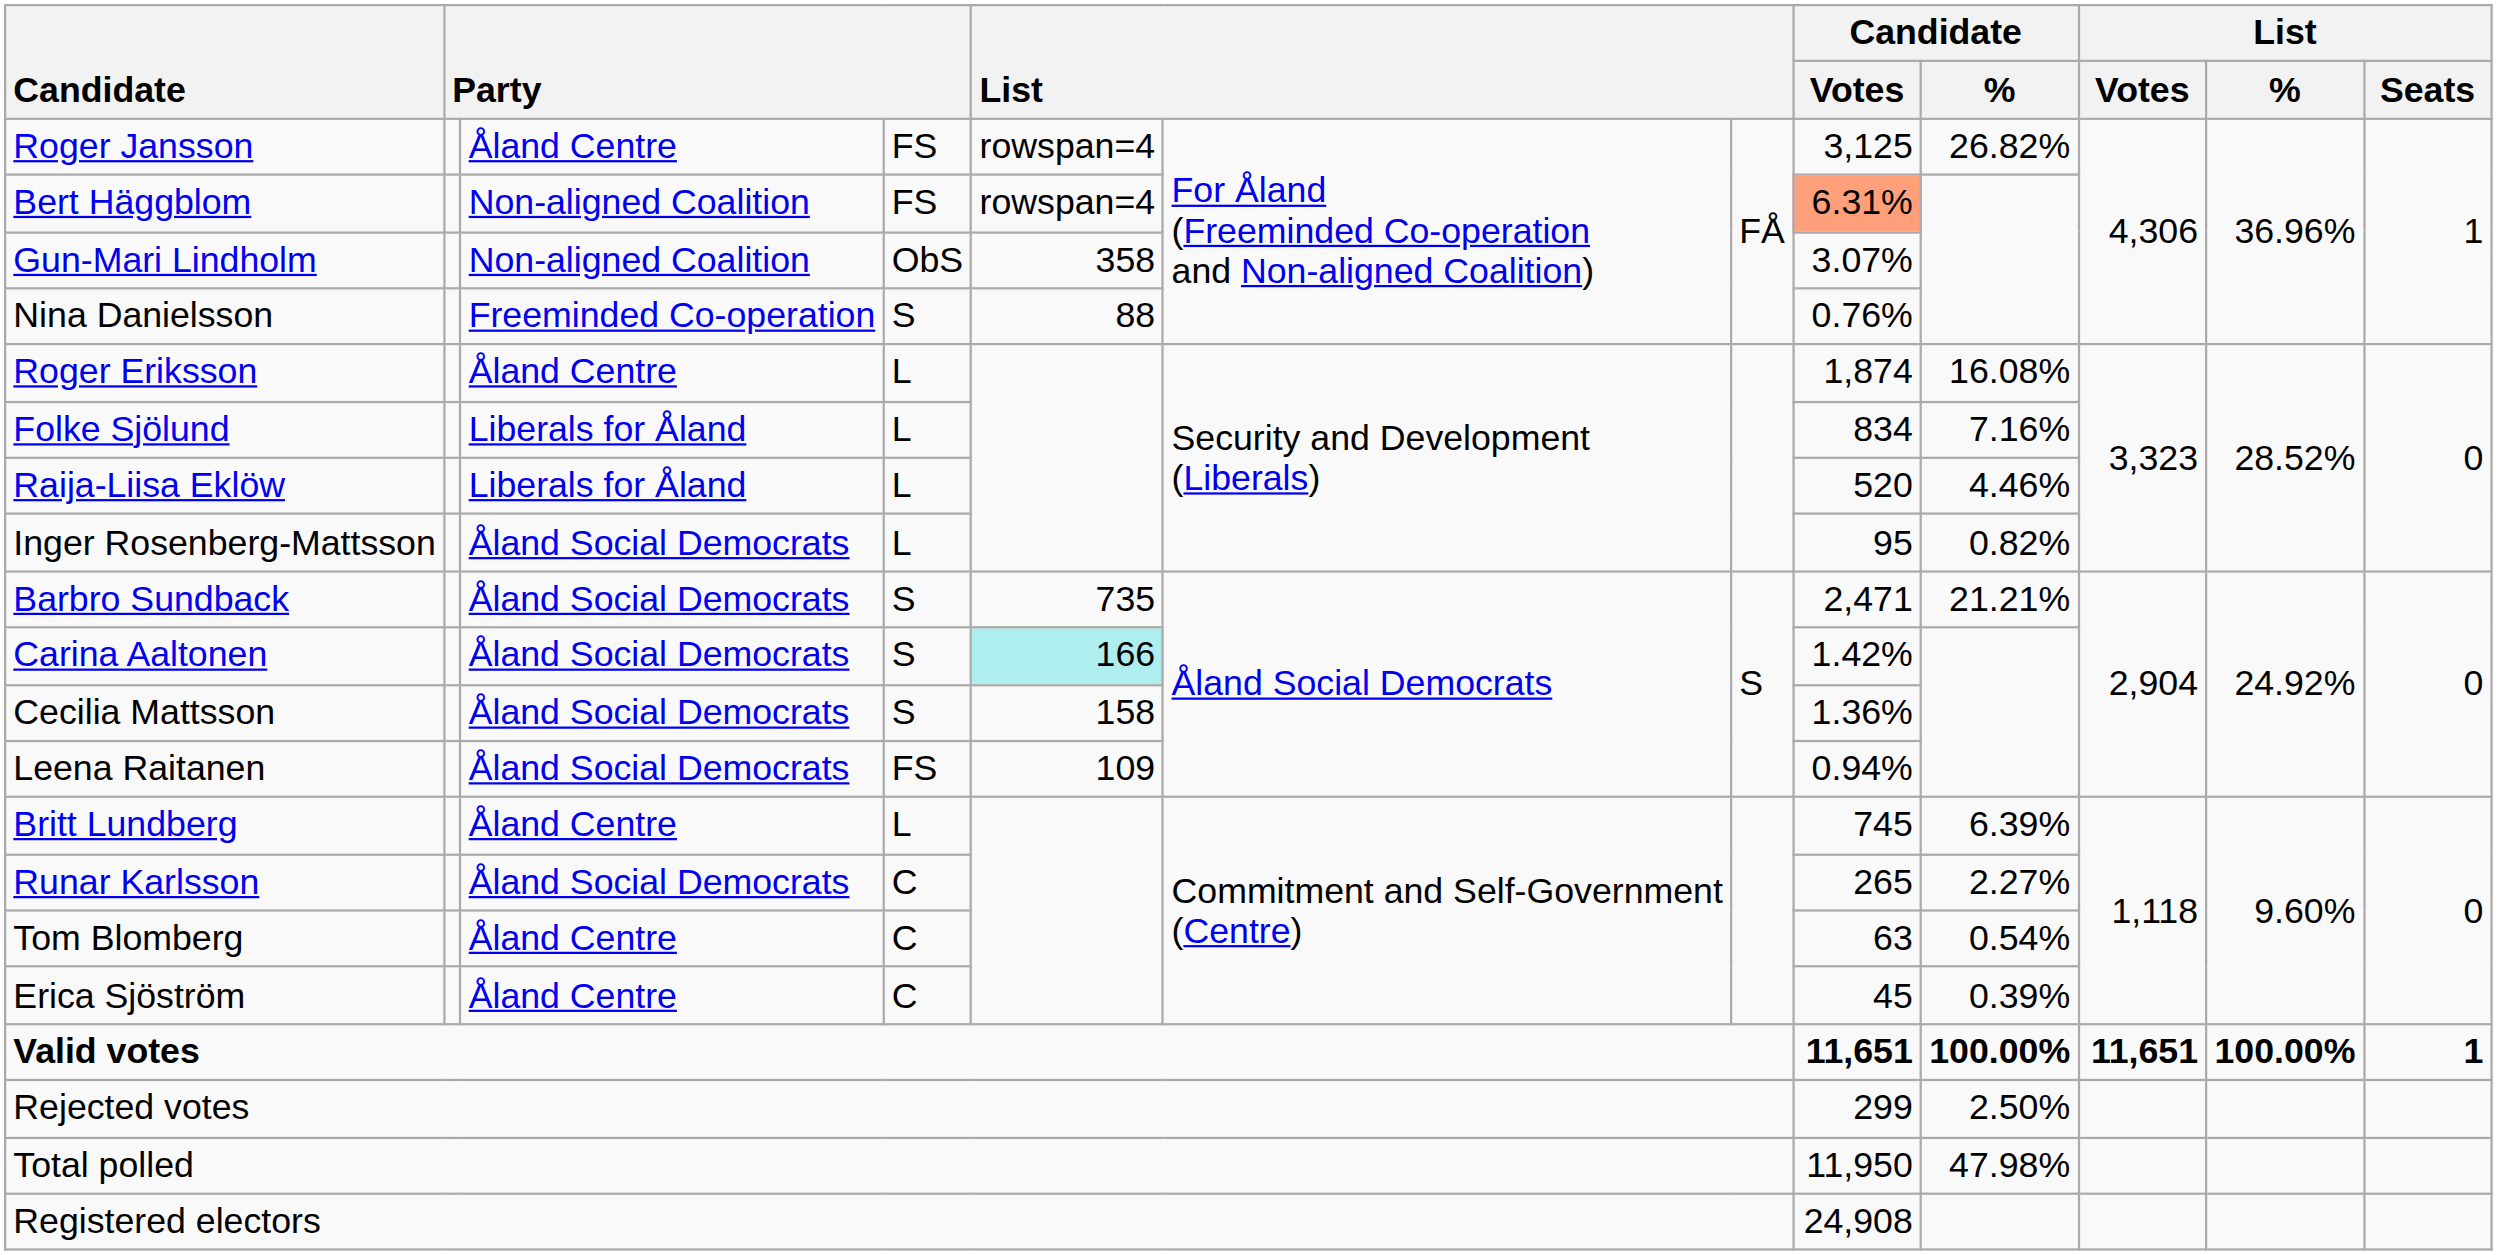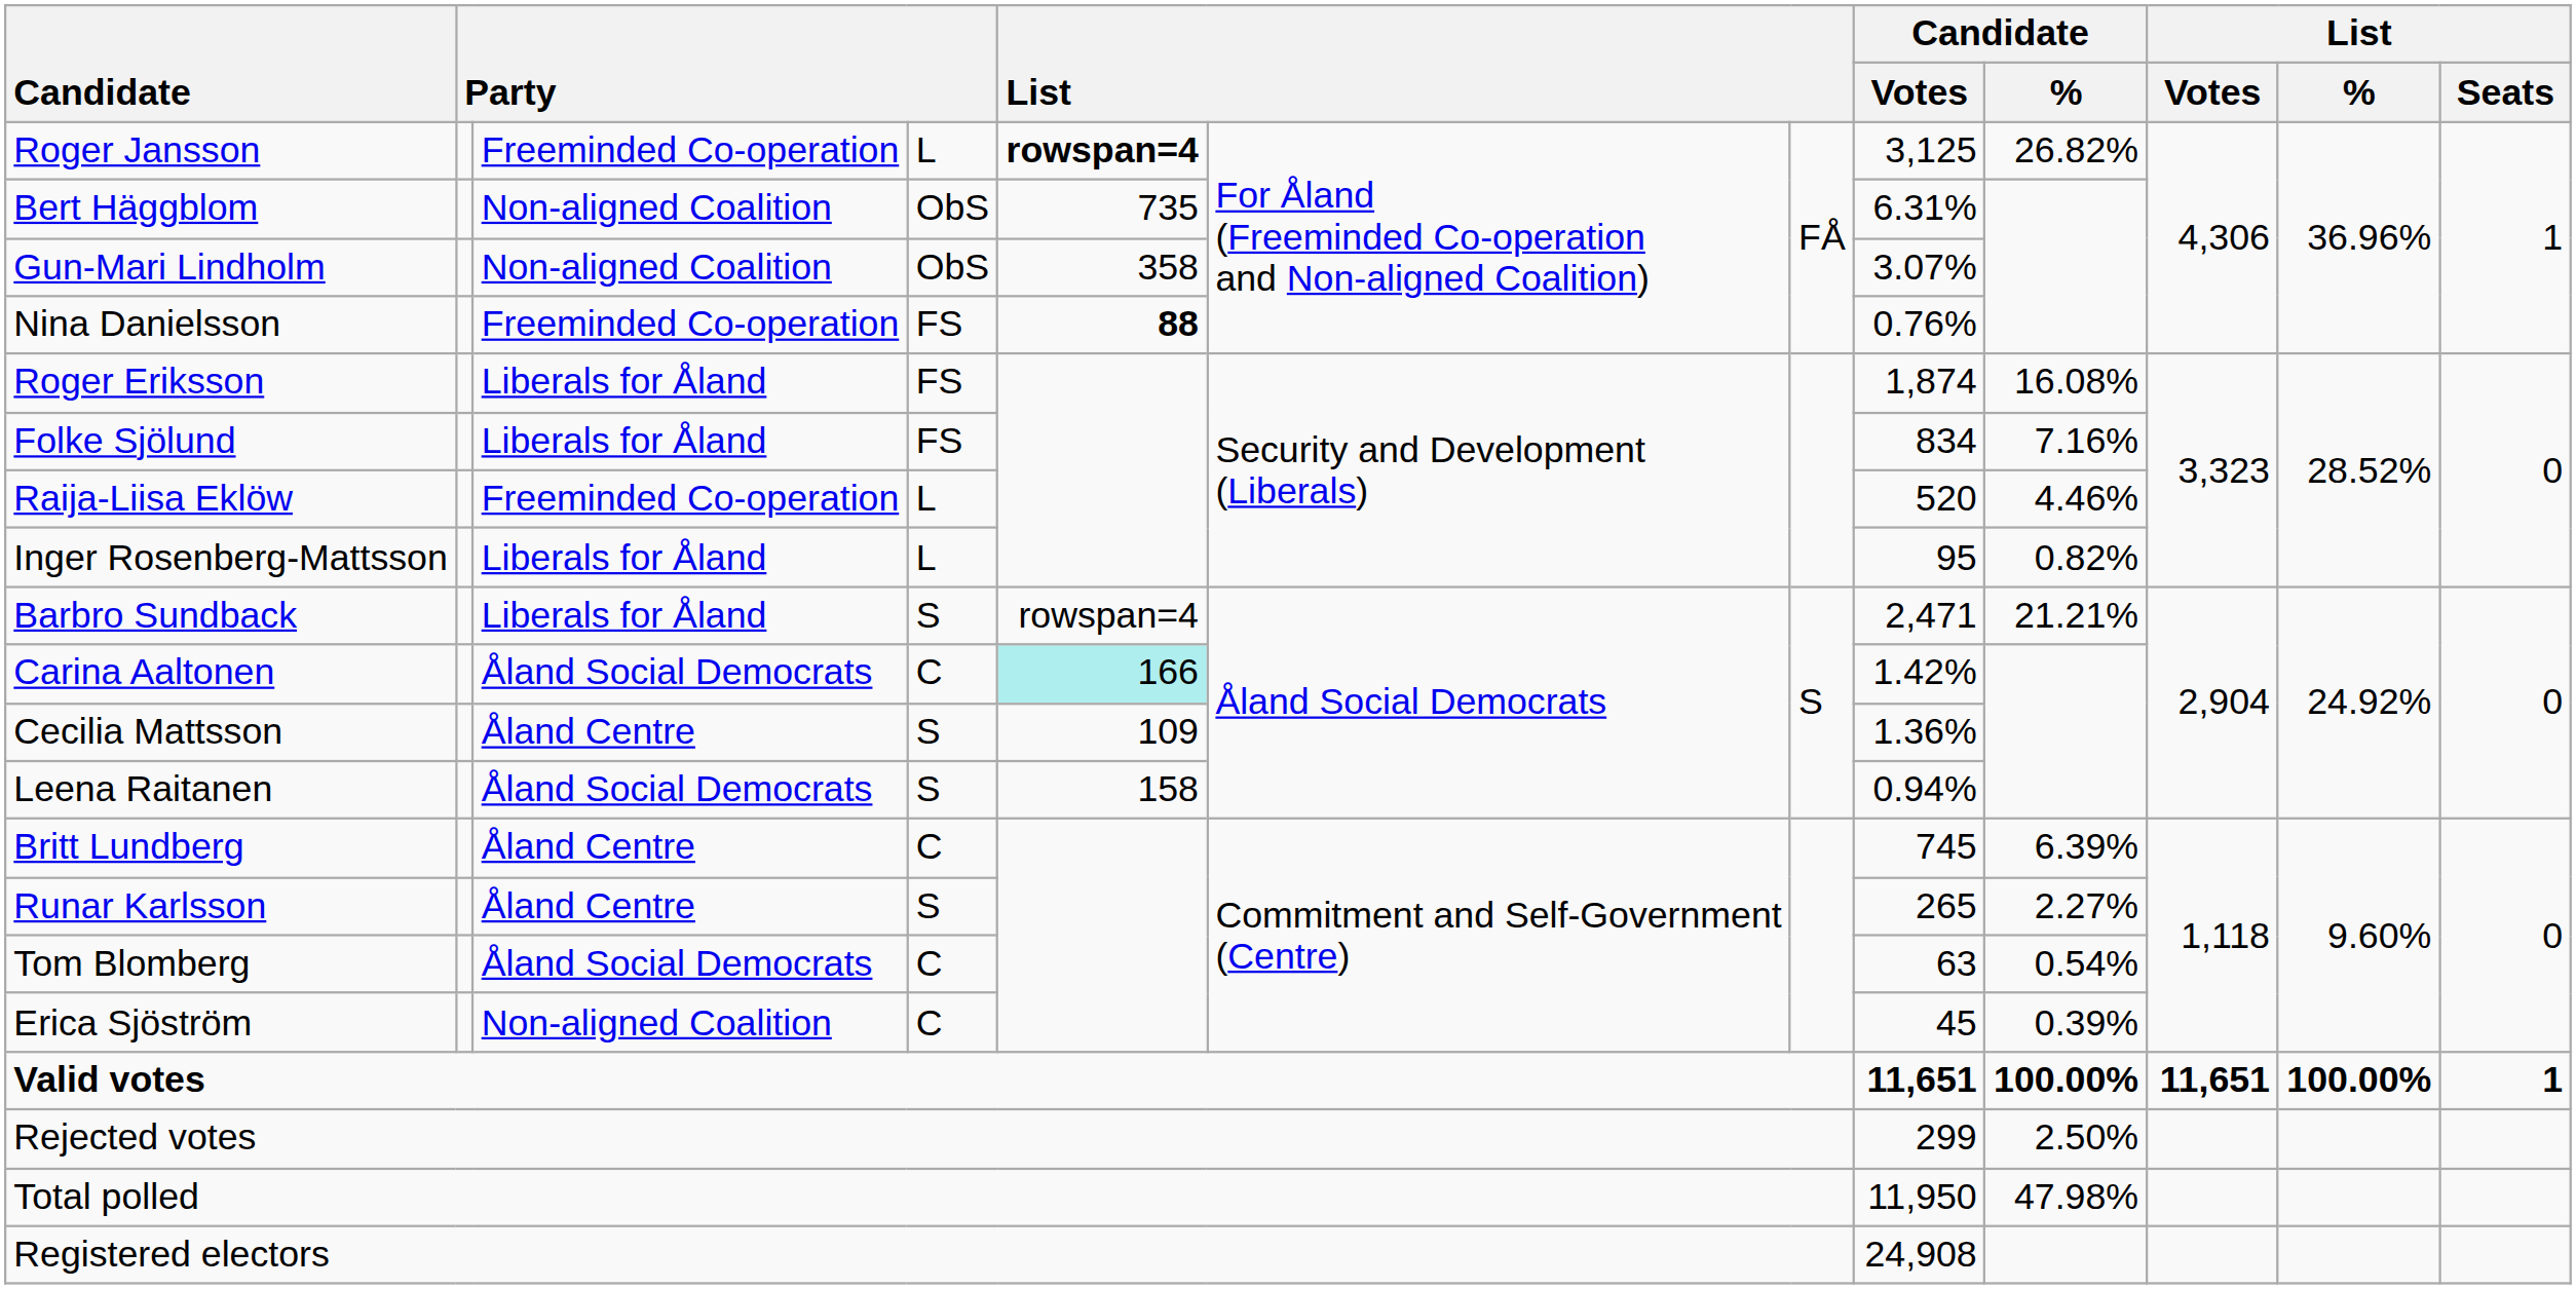 <table class="wikitable" border="1" style="text-align:right;">
 <tr>
 <th ! style="text-align:left;" valign=bottom rowspan=2>Candidate</th>
 <th style="text-align:left;" valign=bottom rowspan=2 colspan=3>Party</th>
 <th style="text-align:left;" valign=bottom rowspan=2 colspan=3>List</th>
 <th colspan=2>Candidate</th>
 <th colspan=3>List</th>
 </tr>
 <tr>
 <th align=center valign=bottom width="50">Votes</th>
 <th align=center valign=bottom width="50">%</th>
 <th align=center valign=bottom width="50">Votes</th>
 <th align=center valign=bottom width="50">%</th>
 <th align=center valign=bottom width="50">Seats</th>
 </tr>
 <tr>
 <td align=left><a href='#'>Roger Jansson</a></td>
 <td></td>
-<td align=left><a href='#'>Åland Centre</a></td>
-<td align=left>FS</td>
-<td>rowspan=4 </td>
+<td align=left><a href='#'>Freeminded Co-operation</a></td>
+<td align=left>L</td>
+<td><strong>rowspan=4 </strong></td>
 <td rowspan=4 align=left><a href='#'>For Åland</a><br>(<a href='#'>Freeminded Co-operation</a><br>and <a href='#'>Non-aligned Coalition</a>)</td>
 <td rowspan=4 align=left>FÅ</td>
 <td>3,125</td>
 <td>26.82%</td>
 <td rowspan=4>4,306</td>
 <td rowspan=4>36.96%</td>
 <td rowspan=4>1</td>
 </tr>
 <tr>
 <td align=left><a href='#'>Bert Häggblom</a></td>
 <td></td>
 <td align=left><a href='#'>Non-aligned Coalition</a></td>
-<td align=left>FS</td>
-<td>rowspan=4 </td>
-<td style="background: lightsalmon;">6.31%</td>
+<td align=left>ObS</td>
+<td>735</td>
+<td>6.31%</td>
 </tr>
 <tr>
 <td align=left><a href='#'>Gun-Mari Lindholm</a></td>
 <td></td>
 <td align=left><a href='#'>Non-aligned Coalition</a></td>
 <td align=left>ObS</td>
 <td>358</td>
 <td>3.07%</td>
 </tr>
 <tr>
 <td align=left>Nina Danielsson</td>
 <td></td>
 <td align=left><a href='#'>Freeminded Co-operation</a></td>
-<td align=left>S</td>
-<td>88</td>
+<td align=left>FS</td>
+<td><strong>88</strong></td>
 <td>0.76%</td>
 </tr>
 <tr>
 <td align=left><a href='#'>Roger Eriksson</a></td>
 <td></td>
-<td align=left><a href='#'>Åland Centre</a></td>
-<td align=left>L</td>
+<td align=left><a href='#'>Liberals for Åland</a></td>
+<td align=left>FS</td>
 <td rowspan=4></td>
 <td rowspan=4 align=left>Security and Development<br>(<a href='#'>Liberals</a>)</td>
 <td rowspan=4 align=left></td>
 <td>1,874</td>
 <td>16.08%</td>
 <td rowspan=4>3,323</td>
 <td rowspan=4>28.52%</td>
 <td rowspan=4>0</td>
 </tr>
 <tr>
 <td align=left><a href='#'>Folke Sjölund</a></td>
 <td></td>
 <td align=left><a href='#'>Liberals for Åland</a></td>
-<td align=left>L</td>
+<td align=left>FS</td>
 <td>834</td>
 <td>7.16%</td>
 </tr>
 <tr>
 <td align=left><a href='#'>Raija-Liisa Eklöw</a></td>
 <td></td>
-<td align=left><a href='#'>Liberals for Åland</a></td>
+<td align=left><a href='#'>Freeminded Co-operation</a></td>
 <td align=left>L</td>
 <td>520</td>
 <td>4.46%</td>
 </tr>
 <tr>
 <td align=left>Inger Rosenberg-Mattsson</td>
 <td></td>
-<td align=left><a href='#'>Åland Social Democrats</a></td>
+<td align=left><a href='#'>Liberals for Åland</a></td>
 <td align=left>L</td>
 <td>95</td>
 <td>0.82%</td>
 </tr>
 <tr>
 <td align=left><a href='#'>Barbro Sundback</a></td>
 <td></td>
-<td align=left><a href='#'>Åland Social Democrats</a></td>
+<td align=left><a href='#'>Liberals for Åland</a></td>
 <td align=left>S</td>
-<td>735</td>
+<td>rowspan=4 </td>
 <td rowspan=4 align=left><a href='#'>Åland Social Democrats</a></td>
 <td rowspan=4 align=left>S</td>
 <td>2,471</td>
 <td>21.21%</td>
 <td rowspan=4>2,904</td>
 <td rowspan=4>24.92%</td>
 <td rowspan=4>0</td>
 </tr>
 <tr>
 <td align=left><a href='#'>Carina Aaltonen</a></td>
 <td></td>
 <td align=left><a href='#'>Åland Social Democrats</a></td>
-<td align=left>S</td>
+<td align=left>C</td>
 <td style="background: paleturquoise;">166</td>
 <td>1.42%</td>
 </tr>
 <tr>
 <td align=left>Cecilia Mattsson</td>
 <td></td>
-<td align=left><a href='#'>Åland Social Democrats</a></td>
+<td align=left><a href='#'>Åland Centre</a></td>
 <td align=left>S</td>
-<td>158</td>
+<td>109</td>
 <td>1.36%</td>
 </tr>
 <tr>
 <td align=left>Leena Raitanen</td>
 <td></td>
 <td align=left><a href='#'>Åland Social Democrats</a></td>
-<td align=left>FS</td>
-<td>109</td>
+<td align=left>S</td>
+<td>158</td>
 <td>0.94%</td>
 </tr>
 <tr>
 <td align=left><a href='#'>Britt Lundberg</a></td>
 <td></td>
 <td align=left><a href='#'>Åland Centre</a></td>
-<td align=left>L</td>
+<td align=left>C</td>
 <td rowspan=4></td>
 <td rowspan=4 align=left>Commitment and Self-Government<br>(<a href='#'>Centre</a>)</td>
 <td rowspan=4 align=left></td>
 <td>745</td>
 <td>6.39%</td>
 <td rowspan=4>1,118</td>
 <td rowspan=4>9.60%</td>
 <td rowspan=4>0</td>
 </tr>
 <tr>
 <td align=left><a href='#'>Runar Karlsson</a></td>
 <td></td>
-<td align=left><a href='#'>Åland Social Democrats</a></td>
-<td align=left>C</td>
+<td align=left><a href='#'>Åland Centre</a></td>
+<td align=left>S</td>
 <td>265</td>
 <td>2.27%</td>
 </tr>
 <tr>
 <td align=left>Tom Blomberg</td>
 <td></td>
-<td align=left><a href='#'>Åland Centre</a></td>
+<td align=left><a href='#'>Åland Social Democrats</a></td>
 <td align=left>C</td>
 <td>63</td>
 <td>0.54%</td>
 </tr>
 <tr>
 <td align=left>Erica Sjöström</td>
 <td></td>
-<td align=left><a href='#'>Åland Centre</a></td>
+<td align=left><a href='#'>Non-aligned Coalition</a></td>
 <td align=left>C</td>
 <td>45</td>
 <td>0.39%</td>
 </tr>
 <tr style="font-weight:bold">
 <td align=left colspan=7>Valid votes</td>
 <td>11,651</td>
 <td>100.00%</td>
 <td>11,651</td>
 <td>100.00%</td>
 <td>1</td>
 </tr>
 <tr>
 <td align=left colspan=7>Rejected votes</td>
 <td>299</td>
 <td>2.50%</td>
 <td></td>
 <td></td>
 <td></td>
 </tr>
 <tr>
 <td align=left colspan=7>Total polled</td>
 <td>11,950</td>
 <td>47.98%</td>
 <td></td>
 <td></td>
 <td></td>
 </tr>
 <tr>
 <td align=left colspan=7>Registered electors</td>
 <td>24,908</td>
 <td></td>
 <td></td>
 <td></td>
 <td></td>
 </tr>
 </table>
